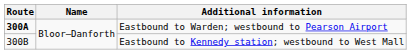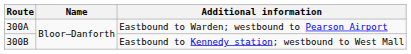 <table class="wikitable">
 <tr>
 <th>Route</th>
 <th>Name</th>
 <th>Additional information</th>
 </tr>
 <tr>
-<td><strong>300A</strong></td>
+<td>300A</td>
 <td rowspan="2">Bloor–Danforth</td>
 <td>Eastbound to Warden; westbound to <a href='#'>Pearson Airport</a><br></td>
 </tr>
 <tr>
 <td>300B</td>
 <td>Eastbound to <a href='#'>Kennedy station</a>; westbound to West Mall<br></td>
 </tr>
 </table>
